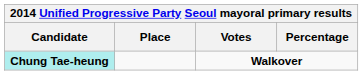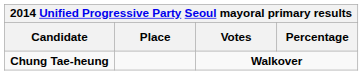 <table class="wikitable" style="text-align:center;">
 <tr>
 <th colspan=4>2014 <a href='#'>Unified Progressive Party</a> <a href='#'>Seoul</a> mayoral primary results</th>
 </tr>
 <tr>
 <th style="padding:10px;" width=130><strong>Candidate</strong></th>
 <th style="padding:10px;" width=90><strong>Place</strong></th>
 <th style="padding:10px;" width=90><strong>Votes</strong></th>
 <th style="padding:10px;" width=90><strong>Percentage</strong></th>
 </tr>
 <tr>
-<td style="background: paleturquoise;"><strong>Chung Tae-heung</strong></td>
+<td><strong>Chung Tae-heung</strong></td>
 <td style="background:"><strong></strong></td>
 <td colspan=2><strong>Walkover</strong></td>
 </tr>
 </table>
